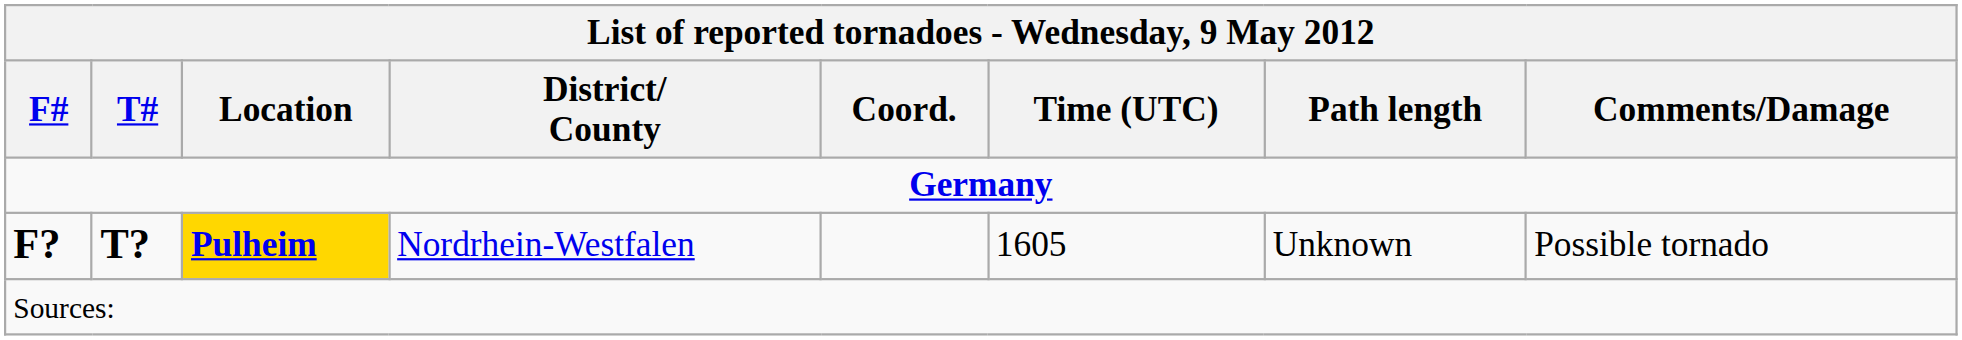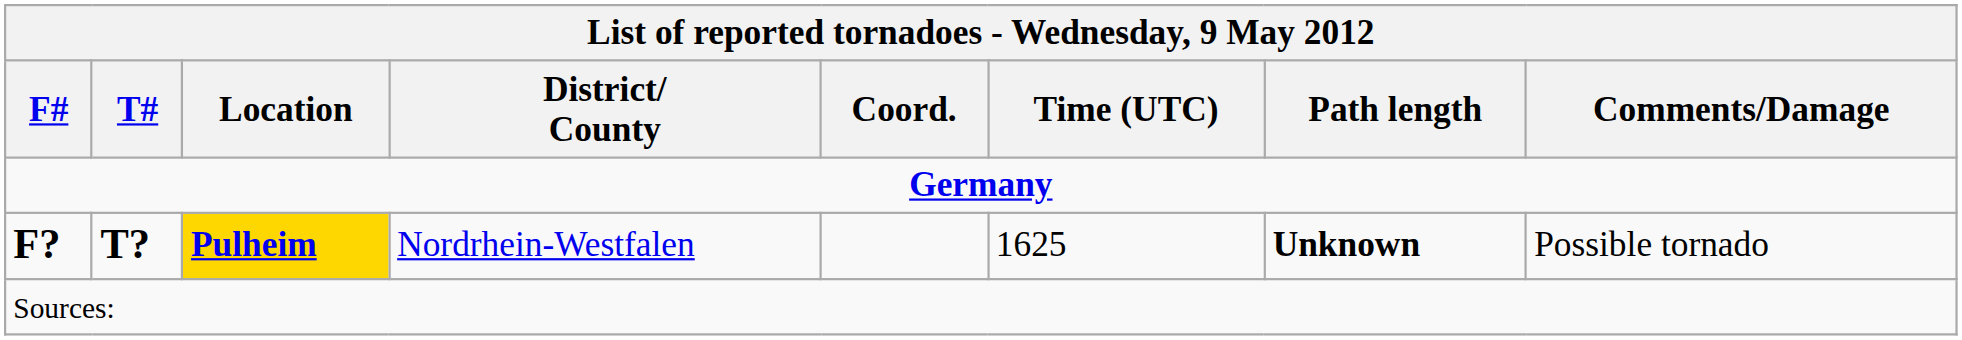 <table class="wikitable collapsible" width="100%">
 <tr>
 <th colspan="8">List of reported tornadoes - Wednesday, 9 May 2012</th>
 </tr>
 <tr>
 <th><a href='#'>F#</a></th>
 <th><a href='#'>T#</a></th>
 <th>Location</th>
 <th>District/<br>County</th>
 <th>Coord.</th>
 <th>Time (UTC)</th>
 <th>Path length</th>
 <th>Comments/Damage</th>
 </tr>
 <tr>
 <td colspan="8" align=center><strong><a href='#'>Germany</a></strong></td>
 </tr>
 <tr>
 <td><big><strong>F?</strong></big></td>
 <td><big><strong>T?</strong></big></td>
 <td style="background: gold;"><strong><a href='#'>Pulheim</a></strong></td>
 <td><a href='#'>Nordrhein-Westfalen</a></td>
 <td></td>
-<td>1605</td>
-<td>Unknown</td>
+<td>1625</td>
+<td><strong>Unknown</strong></td>
 <td>Possible tornado</td>
 </tr>
 <tr>
 <td colspan="8"><small>Sources:  </small></td>
 </tr>
 </table>
